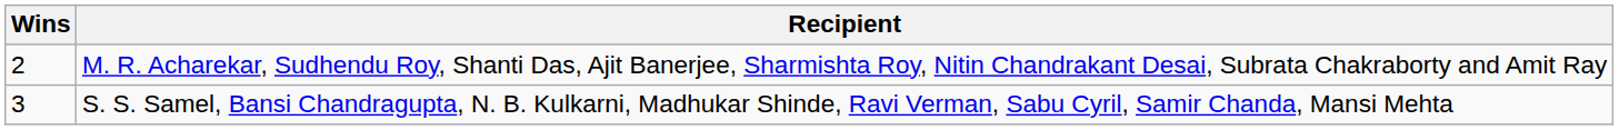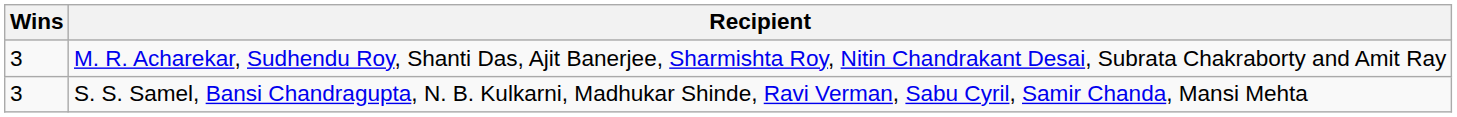 <table class="wikitable">
 <tr>
 <th>Wins</th>
 <th>Recipient</th>
 </tr>
 <tr>
-<td>2</td>
+<td>3</td>
 <td><a href='#'>M. R. Acharekar</a>, <a href='#'>Sudhendu Roy</a>, Shanti Das, Ajit Banerjee, <a href='#'>Sharmishta Roy</a>, <a href='#'>Nitin Chandrakant Desai</a>, Subrata Chakraborty and Amit Ray</td>
 </tr>
 <tr>
 <td>3</td>
 <td>S. S. Samel, <a href='#'>Bansi Chandragupta</a>, N. B. Kulkarni, Madhukar Shinde, <a href='#'>Ravi Verman</a>, <a href='#'>Sabu Cyril</a>, <a href='#'>Samir Chanda</a>, Mansi Mehta</td>
 </tr>
 </table>
